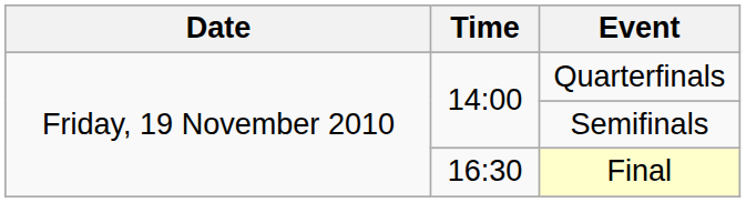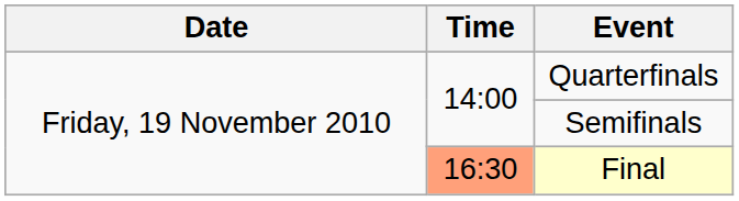 <table class = "wikitable" style="text-align:center;">
 <tr>
 <th width=220>Date</th>
 <th width=50>Time</th>
 <th width=100>Event</th>
 </tr>
 <tr>
 <td rowspan=3>Friday, 19 November 2010</td>
 <td rowspan=2>14:00</td>
 <td>Quarterfinals</td>
 </tr>
 <tr>
 <td>Semifinals</td>
 </tr>
 <tr>
-<td>16:30</td>
+<td style="background: lightsalmon;">16:30</td>
 <td bgcolor=ffffcc>Final</td>
 </tr>
 </table>
